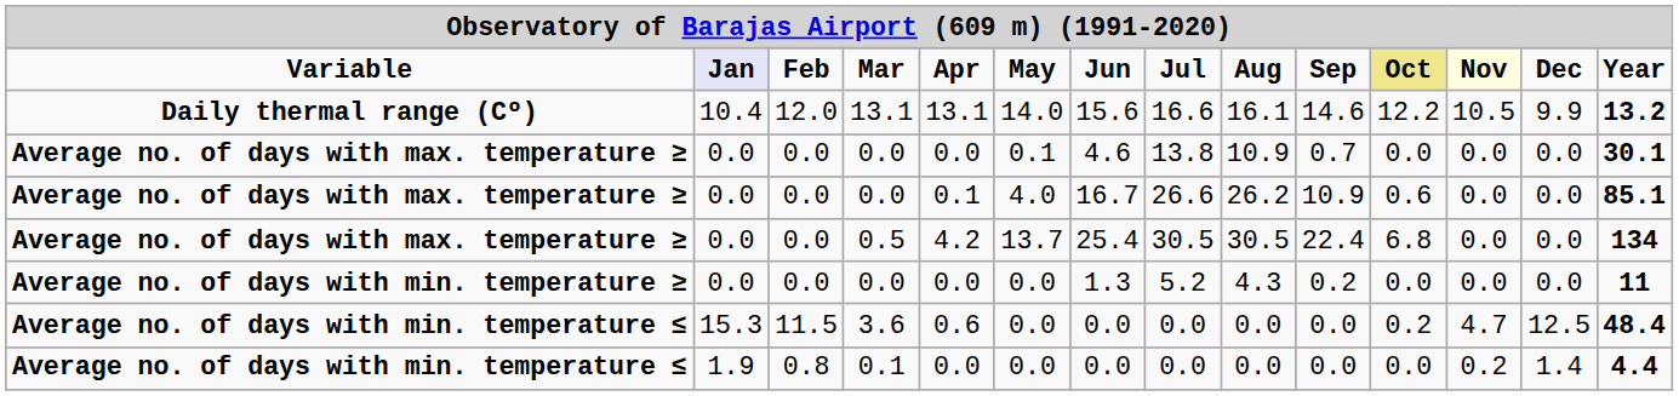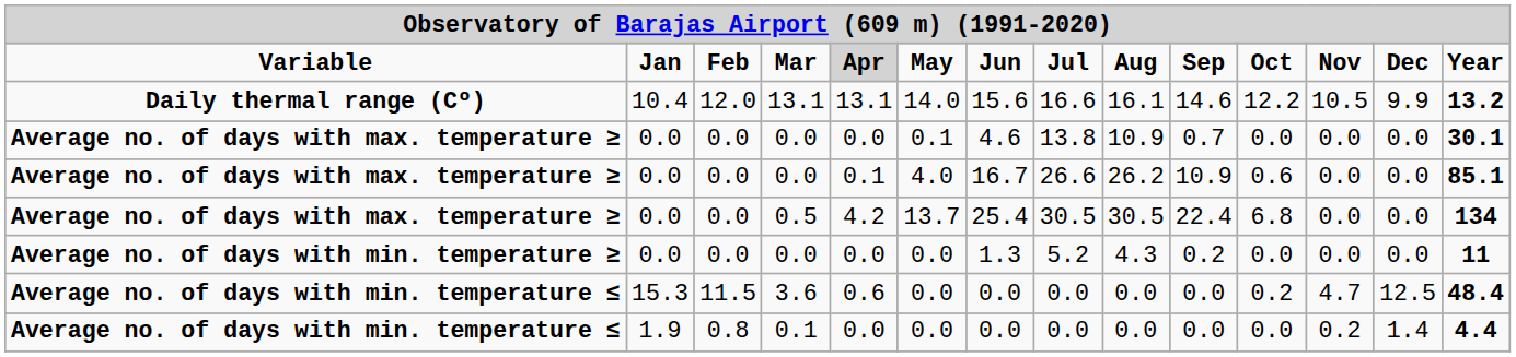 <table class="wikitable" style="text-align:center">
 <tr bgcolor="lightgrey">
 <td colspan="14"><strong>Observatory of <a href='#'>Barajas Airport</a> (609 m) (1991-2020)</strong></td>
 </tr>
 <tr>
 <td><strong>Variable</strong></td>
-<td style="background: lavender;"><strong>Jan</strong></td>
+<td><strong>Jan</strong></td>
 <td><strong>Feb</strong></td>
 <td><strong>Mar</strong></td>
-<td><strong>Apr</strong></td>
+<td style="background: lightgrey;"><strong>Apr</strong></td>
 <td><strong>May</strong></td>
 <td><strong>Jun</strong></td>
 <td><strong>Jul</strong></td>
 <td><strong>Aug</strong></td>
 <td><strong>Sep</strong></td>
-<td style="background: khaki;"><strong>Oct</strong></td>
-<td style="background: lightyellow;"><strong>Nov</strong></td>
+<td><strong>Oct</strong></td>
+<td><strong>Nov</strong></td>
 <td><strong>Dec</strong></td>
 <td><strong>Year</strong></td>
 </tr>
 <tr>
 <td><strong>Daily thermal range (Cº)</strong></td>
 <td>10.4</td>
 <td>12.0</td>
 <td>13.1</td>
 <td>13.1</td>
 <td>14.0</td>
 <td>15.6</td>
 <td>16.6</td>
 <td>16.1</td>
 <td>14.6</td>
 <td>12.2</td>
 <td>10.5</td>
 <td>9.9</td>
 <td><strong>13.2</strong></td>
 </tr>
 <tr>
 <td><strong>Average no. of days with max. temperature ≥ </strong></td>
 <td>0.0</td>
 <td>0.0</td>
 <td>0.0</td>
 <td>0.0</td>
 <td>0.1</td>
 <td>4.6</td>
 <td>13.8</td>
 <td>10.9</td>
 <td>0.7</td>
 <td>0.0</td>
 <td>0.0</td>
 <td>0.0</td>
 <td><strong>30.1</strong></td>
 </tr>
 <tr>
 <td><strong>Average no. of days with max. temperature ≥ </strong></td>
 <td>0.0</td>
 <td>0.0</td>
 <td>0.0</td>
 <td>0.1</td>
 <td>4.0</td>
 <td>16.7</td>
 <td>26.6</td>
 <td>26.2</td>
 <td>10.9</td>
 <td>0.6</td>
 <td>0.0</td>
 <td>0.0</td>
 <td><strong>85.1</strong></td>
 </tr>
 <tr>
 <td><strong>Average no. of days with max. temperature ≥ </strong></td>
 <td>0.0</td>
 <td>0.0</td>
 <td>0.5</td>
 <td>4.2</td>
 <td>13.7</td>
 <td>25.4</td>
 <td>30.5</td>
 <td>30.5</td>
 <td>22.4</td>
 <td>6.8</td>
 <td>0.0</td>
 <td>0.0</td>
 <td><strong>134</strong></td>
 </tr>
 <tr>
 <td><strong>Average no. of days with min. temperature ≥ </strong></td>
 <td>0.0</td>
 <td>0.0</td>
 <td>0.0</td>
 <td>0.0</td>
 <td>0.0</td>
 <td>1.3</td>
 <td>5.2</td>
 <td>4.3</td>
 <td>0.2</td>
 <td>0.0</td>
 <td>0.0</td>
 <td>0.0</td>
 <td><strong>11</strong></td>
 </tr>
 <tr>
 <td><strong>Average no. of days with min. temperature ≤ </strong></td>
 <td>15.3</td>
 <td>11.5</td>
 <td>3.6</td>
 <td>0.6</td>
 <td>0.0</td>
 <td>0.0</td>
 <td>0.0</td>
 <td>0.0</td>
 <td>0.0</td>
 <td>0.2</td>
 <td>4.7</td>
 <td>12.5</td>
 <td><strong>48.4</strong></td>
 </tr>
 <tr>
 <td><strong>Average no. of days with min. temperature ≤ </strong></td>
 <td>1.9</td>
 <td>0.8</td>
 <td>0.1</td>
 <td>0.0</td>
 <td>0.0</td>
 <td>0.0</td>
 <td>0.0</td>
 <td>0.0</td>
 <td>0.0</td>
 <td>0.0</td>
 <td>0.2</td>
 <td>1.4</td>
 <td><strong>4.4</strong></td>
 </tr>
 </table>
